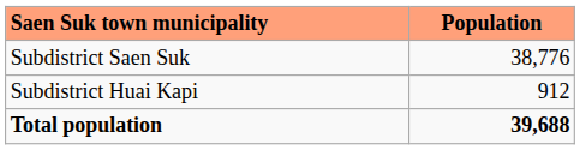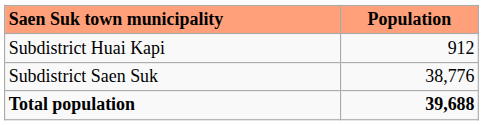 <table class="wikitable" style="width:48%; display:inline-table;">
 <tr>
 <td style= "background: #ffa07a;"><strong>Saen Suk town municipality</strong></td>
 <td style= "background: #ffa07a; text-align:center;"><strong>Population</strong></td>
 </tr>
 <tr>
+<td>Subdistrict Huai Kapi</td>
+<td style="text-align:right;">912</td>
+</tr>
+<tr>
 <td>Subdistrict Saen Suk</td>
 <td style="text-align:right;">38,776</td>
-</tr>
-<tr>
-<td>Subdistrict Huai Kapi</td>
-<td style="text-align:right;">912</td>
 </tr>
 <tr>
 <td><strong>Total population</strong></td>
 <td style="text-align:right;"><strong>39,688</strong></td>
 </tr>
 </table>
